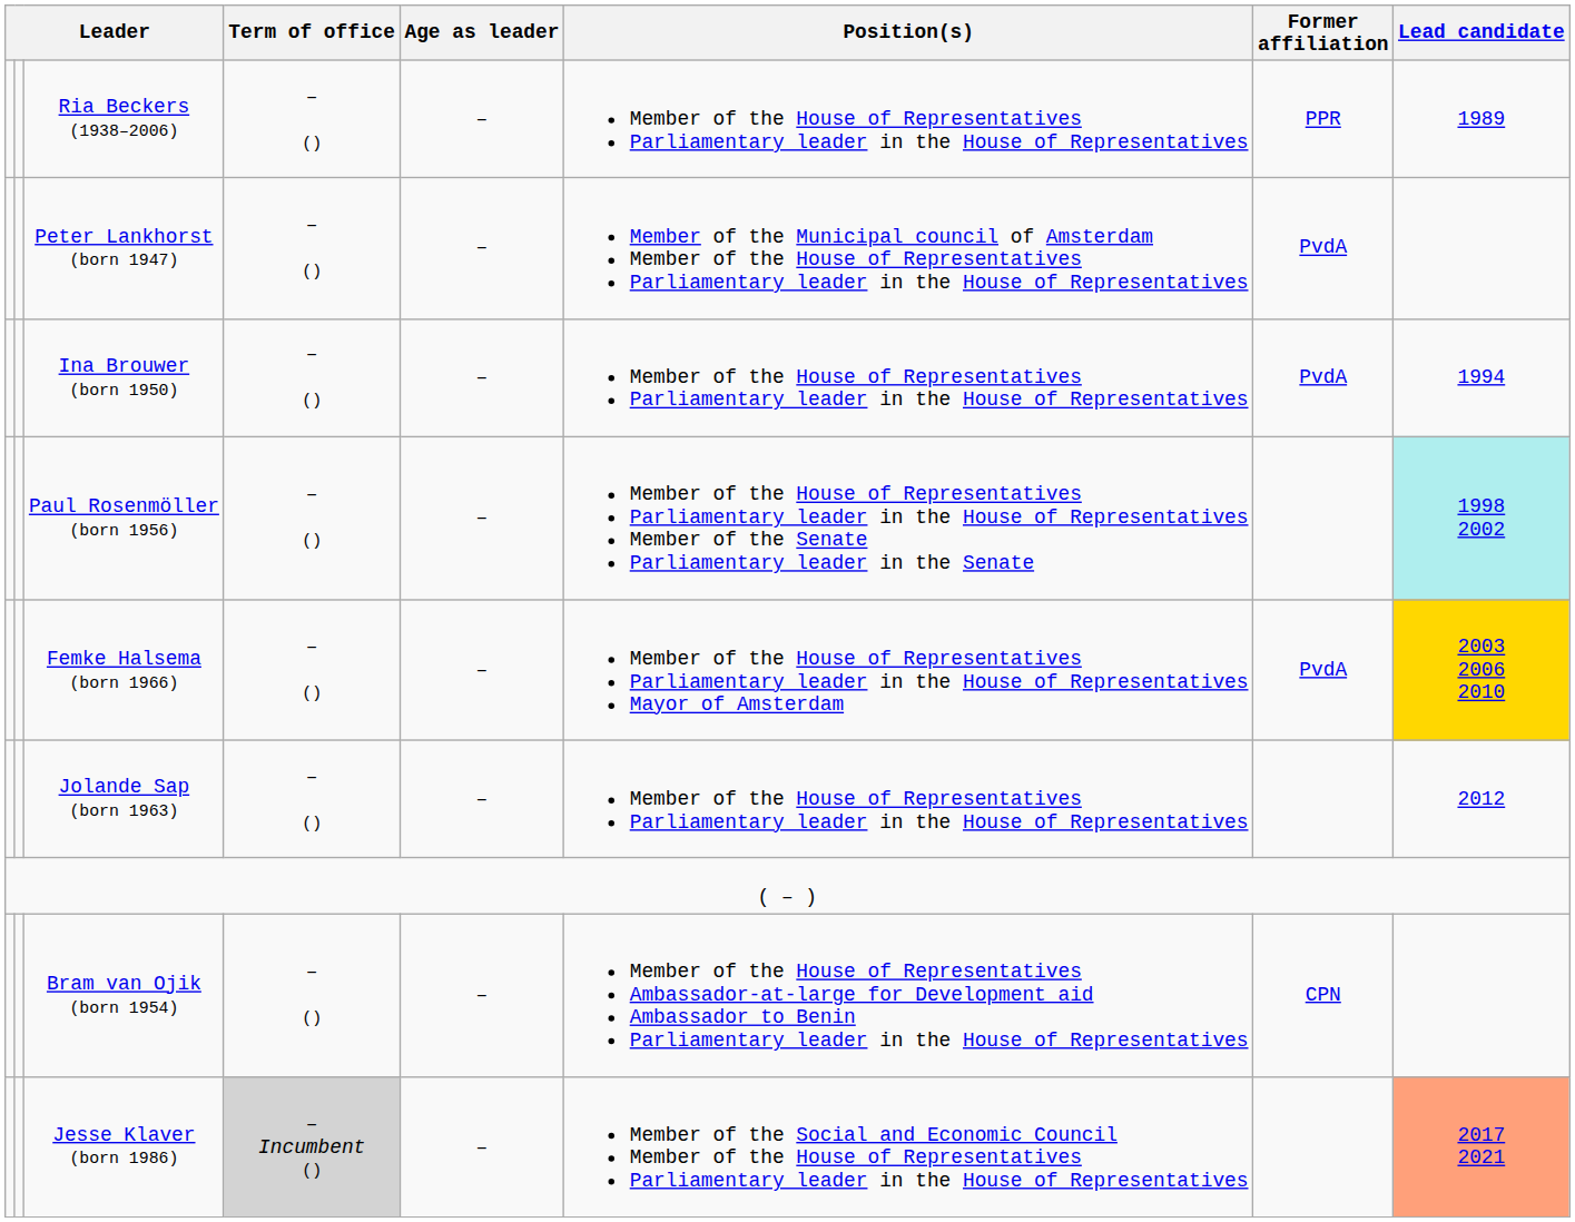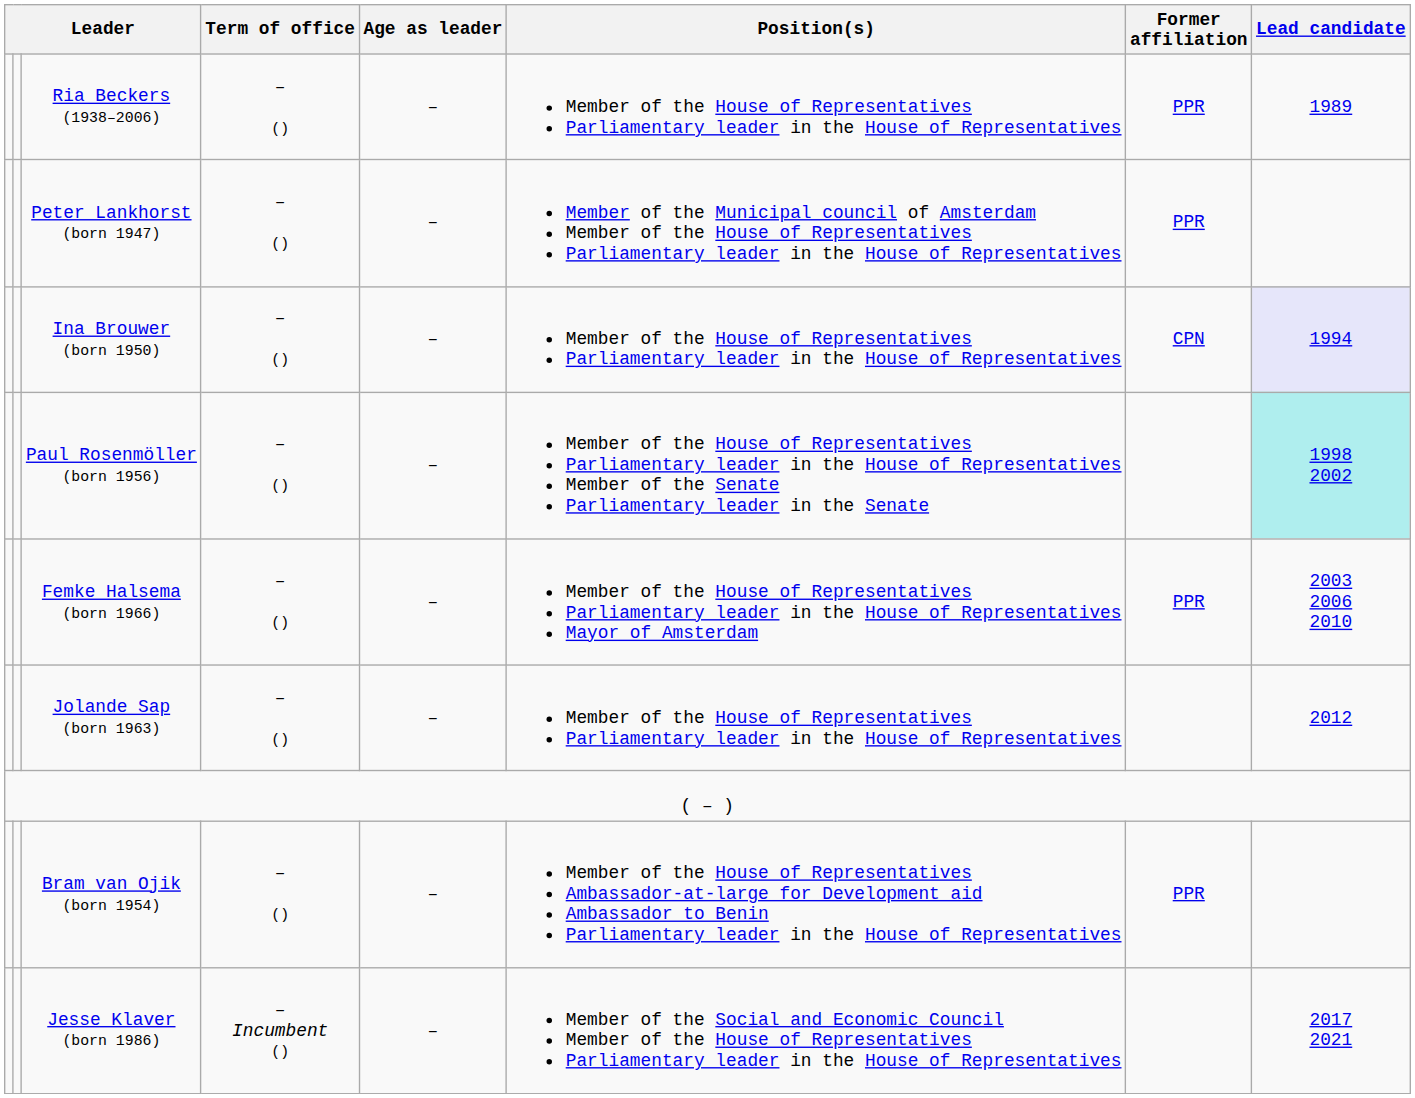 <table class="wikitable" style="text-align:center">
 <tr>
 <th colspan=3>Leader</th>
 <th>Term of office</th>
 <th>Age as leader</th>
 <th>Position(s)</th>
 <th>Former <br> affiliation</th>
 <th><a href='#'>Lead candidate</a></th>
 </tr>
 <tr>
 <td style="background:"></td>
 <td></td>
 <td><a href='#'>Ria Beckers</a> <br> <small>(1938–2006)</small></td>
 <td> – <br>  <br> <small>()</small> <br> </td>
 <td>–</td>
 <td style="text-align:left"><br><ul><li>Member of the <a href='#'>House of Representatives</a> </li><li><a href='#'>Parliamentary leader</a> in the <a href='#'>House of Representatives</a> </li></ul></td>
 <td><a href='#'>PPR</a></td>
 <td><a href='#'>1989</a></td>
 </tr>
 <tr>
 <td style="background:"></td>
 <td></td>
 <td><a href='#'>Peter Lankhorst</a> <br> <small>(born 1947)</small></td>
 <td> – <br>  <br> <small>()</small> <br> </td>
 <td>–</td>
 <td style="text-align:left"><br><ul><li><a href='#'>Member</a> of the <a href='#'>Municipal council</a> of <a href='#'>Amsterdam</a> </li><li>Member of the <a href='#'>House of Representatives</a> </li><li><a href='#'>Parliamentary leader</a> in the <a href='#'>House of Representatives</a> </li></ul></td>
-<td><a href='#'>PvdA</a></td>
+<td><a href='#'>PPR</a></td>
 <td></td>
 </tr>
 <tr>
 <td style="background:"></td>
 <td></td>
 <td><a href='#'>Ina Brouwer</a> <br> <small>(born 1950)</small></td>
 <td> – <br>  <br> <small>()</small> <br> </td>
 <td>–</td>
 <td style="text-align:left"><br><ul><li>Member of the <a href='#'>House of Representatives</a> </li><li><a href='#'>Parliamentary leader</a> in the <a href='#'>House of Representatives</a> </li></ul></td>
-<td><a href='#'>PvdA</a></td>
-<td><a href='#'>1994</a></td>
+<td><a href='#'>CPN</a></td>
+<td style="background: lavender;"><a href='#'>1994</a></td>
 </tr>
 <tr>
 <td style="background:"></td>
 <td></td>
 <td><a href='#'>Paul Rosenmöller</a> <br> <small>(born 1956)</small></td>
 <td> – <br>  <br> <small>()</small> <br> </td>
 <td>–</td>
 <td style="text-align:left"><br><ul><li>Member of the <a href='#'>House of Representatives</a> </li><li><a href='#'>Parliamentary leader</a> in the <a href='#'>House of Representatives</a> </li><li>Member of the <a href='#'>Senate</a> </li><li><a href='#'>Parliamentary leader</a> in the <a href='#'>Senate</a> </li></ul></td>
 <td></td>
 <td style="background: paleturquoise;"><a href='#'>1998</a> <br> <a href='#'>2002</a></td>
 </tr>
 <tr>
 <td style="background:"></td>
 <td></td>
 <td><a href='#'>Femke Halsema</a> <br> <small>(born 1966)</small></td>
 <td> – <br>  <br> <small>()</small> <br> </td>
 <td>–</td>
 <td style="text-align:left"><br><ul><li>Member of the <a href='#'>House of Representatives</a> </li><li><a href='#'>Parliamentary leader</a> in the <a href='#'>House of Representatives</a> </li><li><a href='#'>Mayor of Amsterdam</a> </li></ul></td>
-<td><a href='#'>PvdA</a></td>
-<td style="background: gold;"><a href='#'>2003</a> <br> <a href='#'>2006</a> <br> <a href='#'>2010</a></td>
+<td><a href='#'>PPR</a></td>
+<td><a href='#'>2003</a> <br> <a href='#'>2006</a> <br> <a href='#'>2010</a></td>
 </tr>
 <tr>
 <td style="background:"></td>
 <td></td>
 <td><a href='#'>Jolande Sap</a> <br> <small>(born 1963)</small></td>
 <td> – <br>  <br> <small>()</small> <br> </td>
 <td>–</td>
 <td style="text-align:left"><br><ul><li>Member of the <a href='#'>House of Representatives</a> </li><li><a href='#'>Parliamentary leader</a> in the <a href='#'>House of Representatives</a> </li></ul></td>
 <td></td>
 <td><a href='#'>2012</a></td>
 </tr>
 <tr>
 <td colspan=10> <br> ( – )</td>
 </tr>
 <tr>
 <td style="background:"></td>
 <td></td>
 <td><a href='#'>Bram van Ojik</a> <br> <small>(born 1954)</small></td>
 <td> – <br>  <br> <small>()</small> <br> </td>
 <td>–</td>
 <td style="text-align:left"><br><ul><li>Member of the <a href='#'>House of Representatives</a> </li><li><a href='#'>Ambassador-at-large for Development aid</a> </li><li><a href='#'>Ambassador to Benin</a> </li><li><a href='#'>Parliamentary leader</a> in the <a href='#'>House of Representatives</a> </li></ul></td>
-<td><a href='#'>CPN</a></td>
+<td><a href='#'>PPR</a></td>
 <td></td>
 </tr>
 <tr>
 <td style="background:"></td>
 <td></td>
 <td><a href='#'>Jesse Klaver</a> <br> <small>(born 1986)</small></td>
-<td style="background: lightgrey;"> – <br> <em>Incumbent</em> <br> <small>()</small> <br> </td>
+<td> – <br> <em>Incumbent</em> <br> <small>()</small> <br> </td>
 <td>–<em></em></td>
 <td style="text-align:left"><br><ul><li>Member of the <a href='#'>Social and Economic Council</a> </li><li>Member of the <a href='#'>House of Representatives</a> </li><li><a href='#'>Parliamentary leader</a> in the <a href='#'>House of Representatives</a> </li></ul></td>
 <td></td>
-<td style="background: lightsalmon;"><a href='#'>2017</a> <br> <a href='#'>2021</a></td>
+<td><a href='#'>2017</a> <br> <a href='#'>2021</a></td>
 </tr>
 <tr>
 </tr>
 </table>
